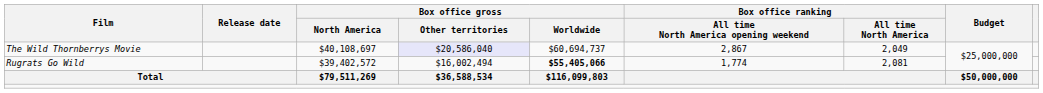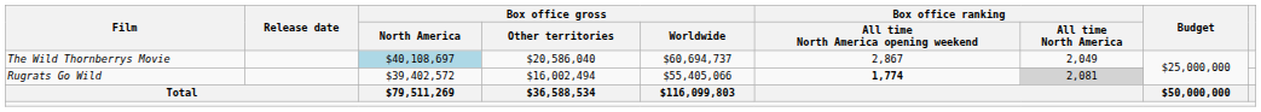 <table class="wikitable sortable" width=99% border="1" style="text-align: center;">
 <tr>
 <th rowspan="2">Film</th>
 <th rowspan="2">Release date</th>
 <th colspan="3">Box office gross</th>
 <th colspan="2" text="wrap">Box office ranking</th>
 <th rowspan="2">Budget</th>
 <th rowspan="2"></th>
 </tr>
 <tr>
 <th>North America</th>
 <th>Other territories</th>
 <th>Worldwide</th>
 <th>All time<br>North America opening weekend</th>
 <th>All time<br>North America</th>
 </tr>
 <tr>
 <td style="text-align: left;"><em>The Wild Thornberrys Movie</em></td>
 <td></td>
-<td>$40,108,697</td>
-<td style="background: lavender;">$20,586,040</td>
+<td style="background: lightblue;">$40,108,697</td>
+<td>$20,586,040</td>
 <td>$60,694,737</td>
 <td>2,867</td>
 <td>2,049</td>
 <td rowspan="2">$25,000,000</td>
 <td></td>
 </tr>
 <tr>
 <td style="text-align: left;"><em>Rugrats Go Wild</em></td>
 <td></td>
 <td>$39,402,572</td>
 <td>$16,002,494</td>
-<td><strong>$55,405,066</strong></td>
-<td>1,774</td>
-<td>2,081</td>
+<td>$55,405,066</td>
+<td><strong>1,774</strong></td>
+<td style="background: lightgrey;">2,081</td>
 <td></td>
 </tr>
 <tr>
 <th colspan=2>Total</th>
 <th>$79,511,269</th>
 <th>$36,588,534</th>
 <th>$116,099,803</th>
 <th colspan=2></th>
 <th>$50,000,000</th>
 <th colspan=1></th>
 </tr>
 <tr>
 <td colspan="10" style="text-align:left;"></td>
 </tr>
 </table>
